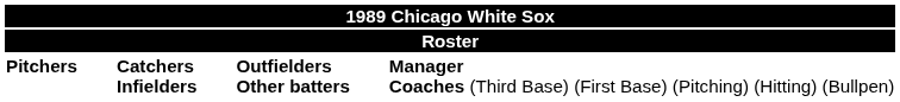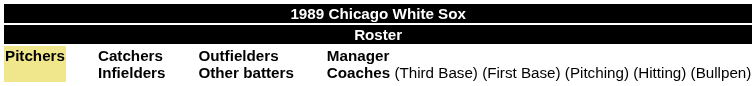 <table class="toccolours" style="font-size: 95%;">
 <tr>
 <th colspan="10" style="background-color: black; color: white; text-align: center;">1989 Chicago White Sox</th>
 </tr>
 <tr>
 <td colspan="10" style="background-color: black; color: white; text-align: center;"><strong>Roster</strong></td>
 </tr>
 <tr>
-<td valign="top"><strong>Pitchers</strong><br>                  </td>
+<td valign="top" style="background: khaki;"><strong>Pitchers</strong><br>                  </td>
 <td width="25px"></td>
 <td valign="top"><strong>Catchers</strong><br>   <strong>Infielders</strong>            </td>
 <td width="25px"></td>
 <td valign="top"><strong>Outfielders</strong><br>      <strong>Other batters</strong>  </td>
 <td width="25px"></td>
 <td valign="top"><strong>Manager</strong><br> <strong>Coaches</strong>  (Third Base)  (First Base)  (Pitching)  (Hitting)  (Bullpen)</td>
 </tr>
 </table>
